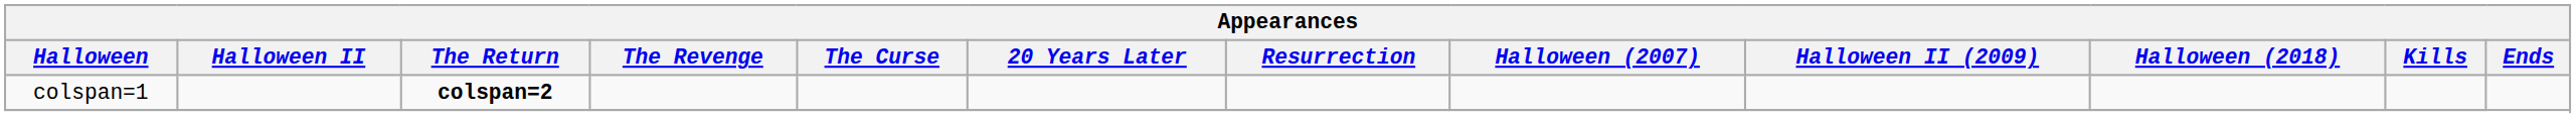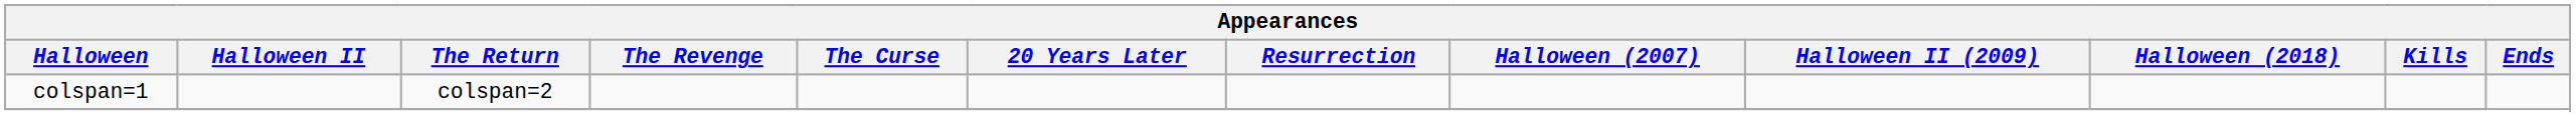 <table class="wikitable" style="text-align:center; width:99%; font-size:80%">
 <tr>
 <th scope="col" colspan="13">Appearances</th>
 </tr>
 <tr>
 <th scope="row"><em><a href='#'>Halloween</a></em></th>
 <th scope="row"><em><a href='#'>Halloween II</a></em></th>
 <th scope="row"><em><a href='#'>The Return</a></em></th>
 <th scope="row"><em><a href='#'>The Revenge</a></em></th>
 <th scope="row"><em><a href='#'>The Curse</a></em></th>
 <th scope="row"><em><a href='#'>20 Years Later</a></em></th>
 <th scope="row"><em><a href='#'>Resurrection</a></em></th>
 <th scope="row"><em><a href='#'>Halloween (2007)</a></em></th>
 <th scope="row"><em><a href='#'>Halloween II (2009)</a></em></th>
 <th scope="row"><em><a href='#'>Halloween (2018)</a></em></th>
 <th scope="row"><em><a href='#'>Kills</a></em></th>
 <th scope="row"><em><a href='#'>Ends</a></em></th>
 </tr>
 <tr>
 <td>colspan=1 </td>
 <td></td>
-<td><strong>colspan=2 </strong></td>
+<td>colspan=2 </td>
 <td></td>
 <td></td>
 <td></td>
 <td></td>
 <td></td>
 <td></td>
 <td></td>
 <td></td>
 </tr>
 <tr>
 </tr>
 </table>
